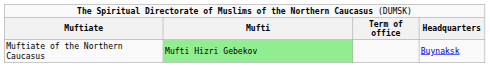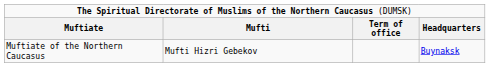 <table class=wikitable>
 <tr>
 <td colspan=4 align=center><strong>The Spiritual Directorate of Muslims of the Northern Caucasus</strong> (DUMSK)</td>
 </tr>
 <tr>
 <th scope="row" width="250">Muftiate</th>
 <th scope="row" width="300">Mufti</th>
 <th scope="row" width="100">Term of office</th>
 <th scope="row" width="100">Headquarters</th>
 </tr>
 <tr>
 <td>Muftiate of the Northern Caucasus</td>
-<td style="background: lightgreen;">Mufti Hizri Gebekov</td>
+<td>Mufti Hizri Gebekov</td>
 <td></td>
 <td><a href='#'>Buynaksk</a></td>
 </tr>
 </table>
